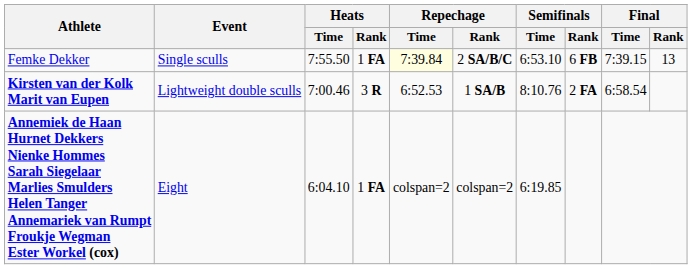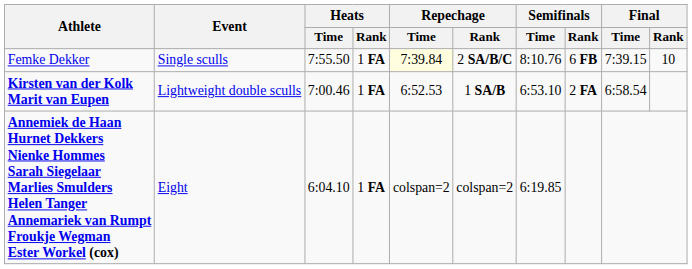 <table class="wikitable" style="font-size:90%;">
 <tr>
 <th rowspan="2">Athlete</th>
 <th rowspan="2">Event</th>
 <th colspan="2">Heats</th>
 <th colspan="2">Repechage</th>
 <th colspan="2">Semifinals</th>
 <th colspan="2">Final</th>
 </tr>
 <tr style="font-size:95%">
 <th>Time</th>
 <th>Rank</th>
 <th>Time</th>
 <th>Rank</th>
 <th>Time</th>
 <th>Rank</th>
 <th>Time</th>
 <th>Rank</th>
 </tr>
 <tr align=center>
 <td align=left><a href='#'>Femke Dekker</a></td>
 <td align=left><a href='#'>Single sculls</a></td>
 <td>7:55.50</td>
 <td>1 <strong>FA</strong></td>
 <td style="background: lightyellow;">7:39.84</td>
 <td>2 <strong>SA/B/C</strong></td>
-<td>6:53.10</td>
+<td>8:10.76</td>
 <td>6 <strong>FB</strong></td>
 <td>7:39.15</td>
-<td>13</td>
+<td>10</td>
 </tr>
 <tr align=center>
 <td align=left><strong><a href='#'>Kirsten van der Kolk</a><br><a href='#'>Marit van Eupen</a></strong></td>
 <td align=left><a href='#'>Lightweight double sculls</a></td>
 <td>7:00.46</td>
-<td>3 <strong>R</strong></td>
+<td>1 <strong>FA</strong></td>
 <td>6:52.53</td>
 <td>1 <strong>SA/B</strong></td>
-<td>8:10.76</td>
+<td>6:53.10</td>
 <td>2 <strong>FA</strong></td>
 <td>6:58.54</td>
 <td></td>
 </tr>
 <tr align=center>
 <td align=left><strong><a href='#'>Annemiek de Haan</a><br><a href='#'>Hurnet Dekkers</a><br><a href='#'>Nienke Hommes</a><br><a href='#'>Sarah Siegelaar</a><br><a href='#'>Marlies Smulders</a><br><a href='#'>Helen Tanger</a><br><a href='#'>Annemariek van Rumpt</a><br><a href='#'>Froukje Wegman</a><br><a href='#'>Ester Workel</a> (cox)</strong></td>
 <td align=left><a href='#'>Eight</a></td>
 <td>6:04.10</td>
 <td>1 <strong>FA</strong></td>
 <td>colspan=2 </td>
 <td>colspan=2 </td>
 <td>6:19.85</td>
 <td></td>
 </tr>
 </table>
